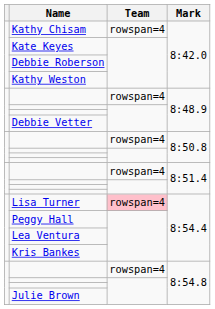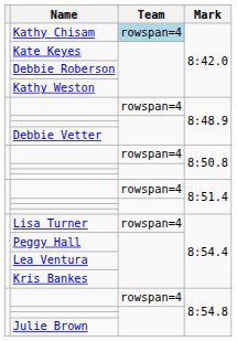 <table class=wikitable>
 <tr>
 <th></th>
 <th>Name</th>
 <th>Team</th>
 <th>Mark</th>
 </tr>
 <tr>
 <td rowspan=4></td>
 <td><a href='#'>Kathy Chisam</a></td>
-<td>rowspan=4 </td>
+<td style="background: lightblue;">rowspan=4 </td>
 <td rowspan=4>8:42.0</td>
 </tr>
 <tr>
 <td><a href='#'>Kate Keyes</a></td>
 </tr>
 <tr>
 <td><a href='#'>Debbie Roberson</a></td>
 </tr>
 <tr>
 <td><a href='#'>Kathy Weston</a></td>
 </tr>
 <tr>
 <td rowspan=4></td>
 <td></td>
 <td>rowspan=4 </td>
 <td rowspan=4>8:48.9</td>
 </tr>
 <tr>
 <td></td>
 </tr>
 <tr>
 <td></td>
 </tr>
 <tr>
 <td><a href='#'>Debbie Vetter</a></td>
 </tr>
 <tr>
 <td rowspan=4></td>
 <td></td>
 <td>rowspan=4 </td>
 <td rowspan=4>8:50.8</td>
 </tr>
 <tr>
 <td></td>
 </tr>
 <tr>
 <td></td>
 </tr>
 <tr>
 <td></td>
 </tr>
 <tr>
 <td rowspan=4></td>
 <td></td>
 <td>rowspan=4 </td>
 <td rowspan=4>8:51.4</td>
 </tr>
 <tr>
 <td></td>
 </tr>
 <tr>
 <td></td>
 </tr>
 <tr>
 <td></td>
 </tr>
 <tr>
 <td rowspan=4></td>
 <td><a href='#'>Lisa Turner</a></td>
-<td style="background: pink;">rowspan=4 </td>
+<td>rowspan=4 </td>
 <td rowspan=4>8:54.4</td>
 </tr>
 <tr>
 <td><a href='#'>Peggy Hall</a></td>
 </tr>
 <tr>
 <td><a href='#'>Lea Ventura</a></td>
 </tr>
 <tr>
 <td><a href='#'>Kris Bankes</a></td>
 </tr>
 <tr>
 <td rowspan=4></td>
 <td></td>
 <td>rowspan=4 </td>
 <td rowspan=4>8:54.8</td>
 </tr>
 <tr>
 <td></td>
 </tr>
 <tr>
 <td></td>
 </tr>
 <tr>
 <td><a href='#'>Julie Brown</a></td>
 </tr>
 </table>
